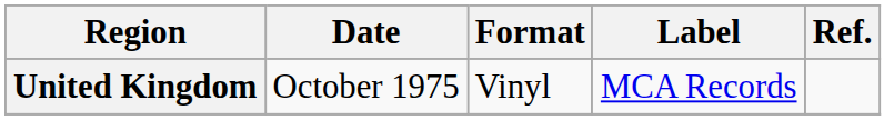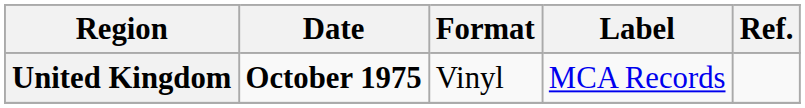 <table class="wikitable plainrowheaders">
 <tr>
 <th scope="col">Region</th>
 <th scope="col">Date</th>
 <th scope="col">Format</th>
 <th scope="col">Label</th>
 <th scope="col">Ref.</th>
 </tr>
 <tr>
 <th scope="row">United Kingdom</th>
-<td>October 1975</td>
+<td><strong>October 1975</strong></td>
 <td>Vinyl</td>
 <td><a href='#'>MCA Records</a></td>
 <td></td>
 </tr>
 <tr>
 </tr>
 </table>
